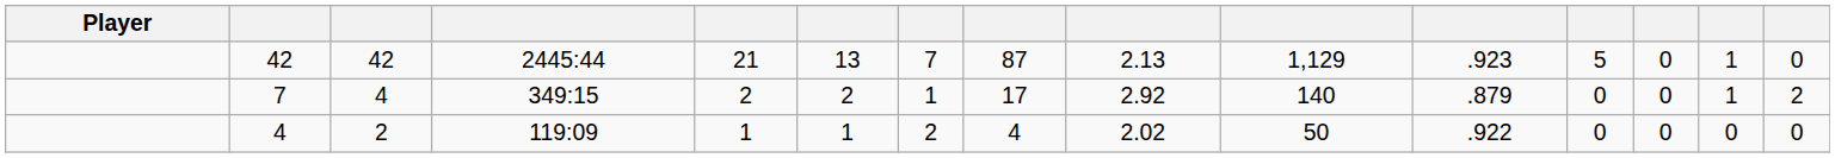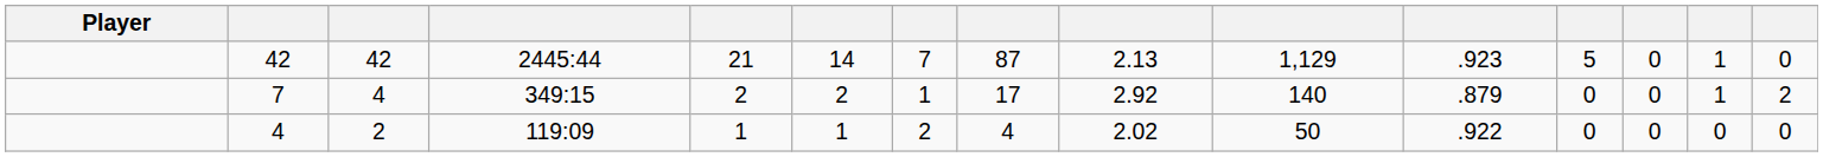 <table class="wikitable sortable" style="width:100%;">
 <tr style="text-align:center; background:#ddd;">
 <th>Player</th>
 <th></th>
 <th></th>
 <th></th>
 <th></th>
 <th></th>
 <th></th>
 <th></th>
 <th></th>
 <th></th>
 <th></th>
 <th></th>
 <th></th>
 <th></th>
 <th></th>
 </tr>
 <tr align=center>
 <td></td>
 <td>42</td>
 <td>42</td>
 <td>2445:44</td>
 <td>21</td>
-<td>13</td>
+<td>14</td>
 <td>7</td>
 <td>87</td>
 <td>2.13</td>
 <td>1,129</td>
 <td>.923</td>
 <td>5</td>
 <td>0</td>
 <td>1</td>
 <td>0</td>
 </tr>
 <tr align=center>
 <td></td>
 <td>7</td>
 <td>4</td>
 <td>349:15</td>
 <td>2</td>
 <td>2</td>
 <td>1</td>
 <td>17</td>
 <td>2.92</td>
 <td>140</td>
 <td>.879</td>
 <td>0</td>
 <td>0</td>
 <td>1</td>
 <td>2</td>
 </tr>
 <tr align=center>
 <td></td>
 <td>4</td>
 <td>2</td>
 <td>119:09</td>
 <td>1</td>
 <td>1</td>
 <td>2</td>
 <td>4</td>
 <td>2.02</td>
 <td>50</td>
 <td>.922</td>
 <td>0</td>
 <td>0</td>
 <td>0</td>
 <td>0</td>
 </tr>
 </table>
